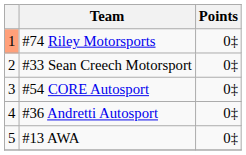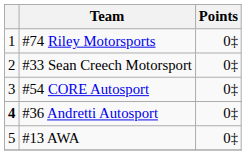 <table class="wikitable" style="font-size: 95%;">
 <tr>
 <th scope="col"></th>
 <th scope="col">Team</th>
 <th scope="col">Points</th>
 </tr>
 <tr>
-<td align=center style="background: lightsalmon;">1</td>
+<td align=center>1</td>
 <td> #74 <a href='#'>Riley Motorsports</a></td>
 <td align=right>0‡</td>
 </tr>
 <tr>
 <td align=center>2</td>
 <td> #33 Sean Creech Motorsport</td>
 <td align=right>0‡</td>
 </tr>
 <tr>
 <td align=center>3</td>
 <td> #54 <a href='#'>CORE Autosport</a></td>
 <td align=right>0‡</td>
 </tr>
 <tr>
-<td align=center>4</td>
+<td align=center><strong>4</strong></td>
 <td> #36 <a href='#'>Andretti Autosport</a></td>
 <td align=right>0‡</td>
 </tr>
 <tr>
 <td align=center>5</td>
 <td> #13 AWA</td>
 <td align=right>0‡</td>
 </tr>
 <tr>
 </tr>
 </table>
